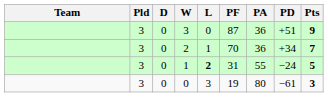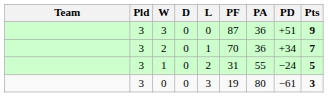 <table class="wikitable" style="text-align:center;">
 <tr>
 <th width=175>Team</th>
 <th width=25 abbr="Played">Pld</th>
+<th width=25 abbr="Won">W</th>
 <th width=25 abbr="Drawn">D</th>
-<th width=25 abbr="Won">W</th>
 <th width=25 abbr="Lost">L</th>
 <th width=32 abbr="Points for">PF</th>
 <th width=32 abbr="Points against">PA</th>
 <th width=32 abbr="Points difference">PD</th>
 <th width=25 abbr="Points">Pts</th>
 </tr>
 <tr bgcolor=ccffcc>
 <td align=left></td>
 <td>3</td>
+<td>3</td>
 <td>0</td>
-<td>3</td>
 <td>0</td>
 <td>87</td>
 <td>36</td>
 <td>+51</td>
 <td><strong>9</strong></td>
 </tr>
 <tr bgcolor=ccffcc>
 <td align=left></td>
 <td>3</td>
+<td>2</td>
 <td>0</td>
-<td>2</td>
 <td>1</td>
 <td>70</td>
 <td>36</td>
 <td>+34</td>
 <td><strong>7</strong></td>
 </tr>
 <tr bgcolor=ccffcc>
 <td align=left></td>
 <td>3</td>
+<td>1</td>
 <td>0</td>
-<td>1</td>
-<td><strong>2</strong></td>
+<td>2</td>
 <td>31</td>
 <td>55</td>
 <td>−24</td>
 <td><strong>5</strong></td>
 </tr>
 <tr>
 <td align=left></td>
 <td>3</td>
 <td>0</td>
 <td>0</td>
 <td>3</td>
 <td>19</td>
 <td>80</td>
 <td>−61</td>
 <td><strong>3</strong></td>
 </tr>
 </table>
